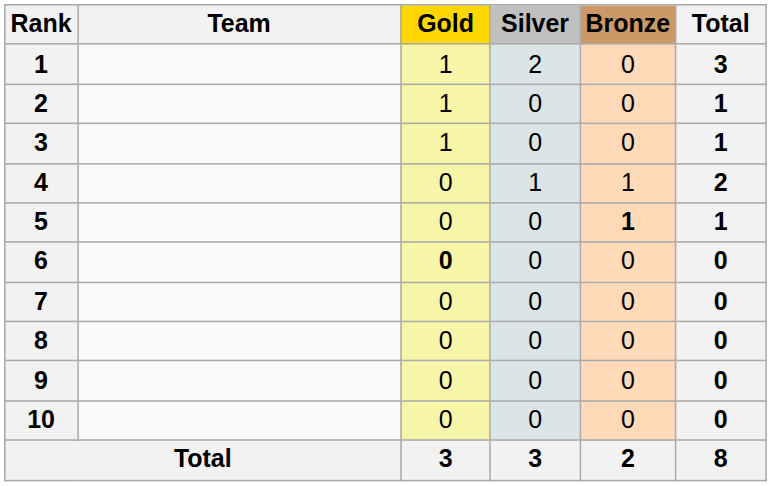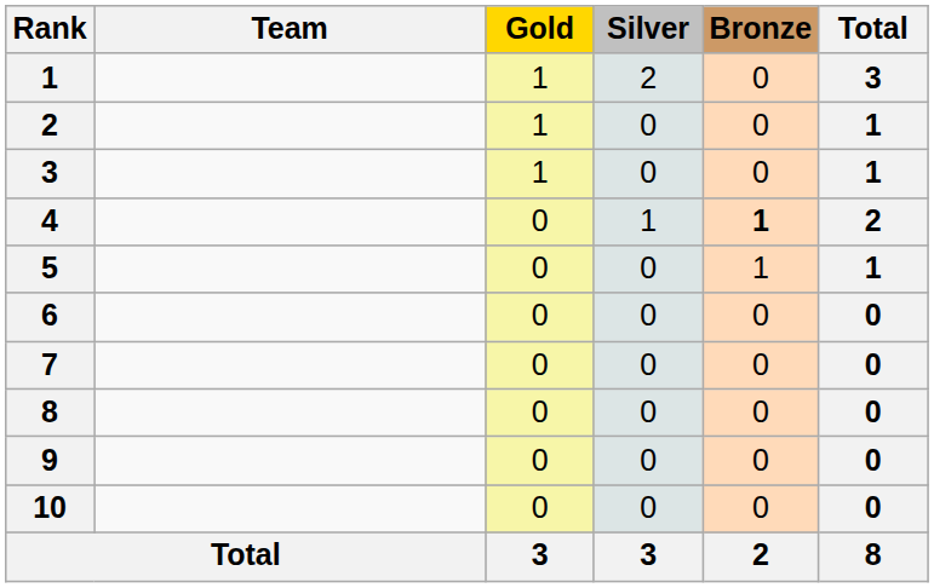 <table class="wikitable" style="text-align:center;">
 <tr>
 <th>Rank</th>
 <th width=200px>Team</th>
 <th style="background:gold;" width=50px align=center>Gold</th>
 <th style="background:silver;" width=50px align=center>Silver</th>
 <th style="background:#cc9966;" width=50px align=center>Bronze</th>
 <th width=50px align=center>Total</th>
 </tr>
 <tr>
 <th>1</th>
 <td align=left></td>
 <td bgcolor="#F7F6A8">1</td>
 <td bgcolor="#DCE5E5">2</td>
 <td bgcolor="#FFDAB9">0</td>
 <th>3</th>
 </tr>
 <tr>
 <th>2</th>
 <td align=left></td>
 <td bgcolor="#F7F6A8">1</td>
 <td bgcolor="#DCE5E5">0</td>
 <td bgcolor="#FFDAB9">0</td>
 <th>1</th>
 </tr>
 <tr>
 <th>3</th>
 <td align=left></td>
 <td bgcolor="#F7F6A8">1</td>
 <td bgcolor="#DCE5E5">0</td>
 <td bgcolor="#FFDAB9">0</td>
 <th>1</th>
 </tr>
 <tr>
 <th>4</th>
 <td align=left></td>
 <td bgcolor="#F7F6A8">0</td>
 <td bgcolor="#DCE5E5">1</td>
-<td bgcolor="#FFDAB9">1</td>
+<td bgcolor="#FFDAB9"><strong>1</strong></td>
 <th>2</th>
 </tr>
 <tr>
 <th>5</th>
 <td align=left></td>
 <td bgcolor="#F7F6A8">0</td>
 <td bgcolor="#DCE5E5">0</td>
-<td bgcolor="#FFDAB9"><strong>1</strong></td>
+<td bgcolor="#FFDAB9">1</td>
 <th>1</th>
 </tr>
 <tr>
 <th>6</th>
 <td align=left></td>
-<td bgcolor="#F7F6A8"><strong>0</strong></td>
+<td bgcolor="#F7F6A8">0</td>
 <td bgcolor="#DCE5E5">0</td>
 <td bgcolor="#FFDAB9">0</td>
 <th>0</th>
 </tr>
 <tr>
 <th>7</th>
 <td align=left></td>
 <td bgcolor="#F7F6A8">0</td>
 <td bgcolor="#DCE5E5">0</td>
 <td bgcolor="#FFDAB9">0</td>
 <th>0</th>
 </tr>
 <tr>
 <th>8</th>
 <td align=left></td>
 <td bgcolor="#F7F6A8">0</td>
 <td bgcolor="#DCE5E5">0</td>
 <td bgcolor="#FFDAB9">0</td>
 <th>0</th>
 </tr>
 <tr>
 <th>9</th>
 <td align=left></td>
 <td bgcolor="#F7F6A8">0</td>
 <td bgcolor="#DCE5E5">0</td>
 <td bgcolor="#FFDAB9">0</td>
 <th>0</th>
 </tr>
 <tr>
 <th>10</th>
 <td align=left></td>
 <td bgcolor="#F7F6A8">0</td>
 <td bgcolor="#DCE5E5">0</td>
 <td bgcolor="#FFDAB9">0</td>
 <th>0</th>
 </tr>
 <tr>
 <th colspan=2>Total</th>
 <th>3</th>
 <th>3</th>
 <th>2</th>
 <th>8</th>
 </tr>
 </table>
